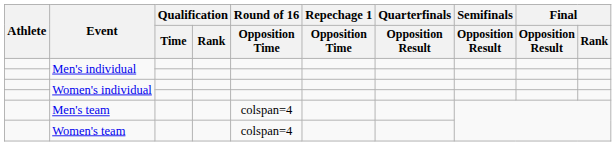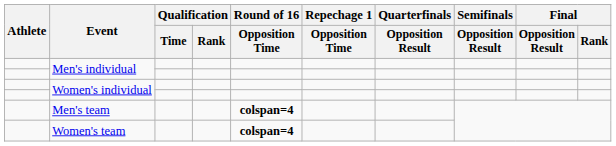 <table class=wikitable style="font-size:90%;">
 <tr>
 <th rowspan=2>Athlete</th>
 <th rowspan=2>Event</th>
 <th colspan=2>Qualification</th>
 <th>Round of 16</th>
 <th>Repechage 1</th>
 <th>Quarterfinals</th>
 <th>Semifinals</th>
 <th colspan=2>Final</th>
 </tr>
 <tr style="font-size:95%">
 <th>Time</th>
 <th>Rank</th>
 <th>Opposition<br>Time</th>
 <th>Opposition<br>Time</th>
 <th>Opposition<br>Result</th>
 <th>Opposition<br>Result</th>
 <th>Opposition<br>Result</th>
 <th>Rank</th>
 </tr>
 <tr align=center>
 <td align=left></td>
 <td align=left rowspan=2><a href='#'>Men's individual</a></td>
 <td></td>
 <td></td>
 <td></td>
 <td></td>
 <td></td>
 <td></td>
 <td></td>
 <td></td>
 </tr>
 <tr align=center>
 <td align=left></td>
 <td></td>
 <td></td>
 <td></td>
 <td></td>
 <td></td>
 <td></td>
 <td></td>
 <td></td>
 </tr>
 <tr align=center>
 <td align=left></td>
 <td align=left rowspan=2><a href='#'>Women's individual</a></td>
 <td></td>
 <td></td>
 <td></td>
 <td></td>
 <td></td>
 <td></td>
 <td></td>
 <td></td>
 </tr>
 <tr align=center>
 <td align=left></td>
 <td></td>
 <td></td>
 <td></td>
 <td></td>
 <td></td>
 <td></td>
 <td></td>
 <td></td>
 </tr>
 <tr align=center>
 <td align=left></td>
 <td align=left><a href='#'>Men's team</a></td>
 <td></td>
 <td></td>
-<td>colspan=4 </td>
+<td><strong>colspan=4 </strong></td>
 <td></td>
 <td></td>
 </tr>
 <tr align=center>
 <td align=left></td>
 <td align=left><a href='#'>Women's team</a></td>
 <td></td>
 <td></td>
-<td>colspan=4 </td>
+<td><strong>colspan=4 </strong></td>
 <td></td>
 <td></td>
 </tr>
 </table>
